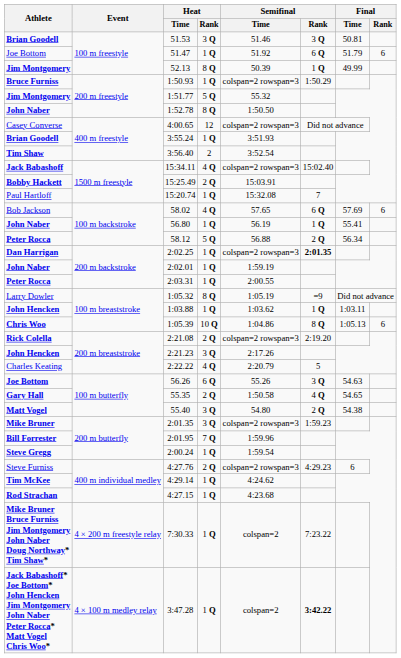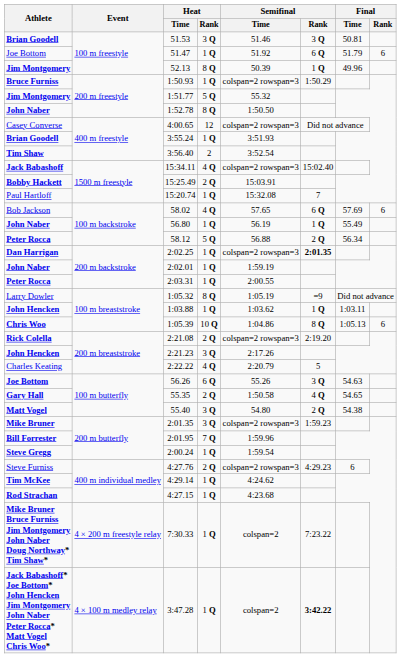 <table class=wikitable style=font-size:90%;text-align:center>
 <tr>
 <th rowspan=2>Athlete</th>
 <th rowspan=2>Event</th>
 <th colspan=2>Heat</th>
 <th colspan=2>Semifinal</th>
 <th colspan=2>Final</th>
 </tr>
 <tr style=font-size:95%>
 <th>Time</th>
 <th>Rank</th>
 <th>Time</th>
 <th>Rank</th>
 <th>Time</th>
 <th>Rank</th>
 </tr>
 <tr>
 <td align=left><strong><a href='#'>Brian Goodell</a></strong></td>
 <td rowspan=3 align=left><a href='#'>100 m freestyle</a></td>
 <td>51.53</td>
 <td>3 <strong>Q</strong></td>
 <td>51.46</td>
 <td>3 <strong>Q</strong></td>
 <td>50.81</td>
 <td></td>
 </tr>
 <tr>
 <td align=left><a href='#'>Joe Bottom</a></td>
 <td>51.47</td>
 <td>1 <strong>Q</strong></td>
 <td>51.92</td>
 <td>6 <strong>Q</strong></td>
 <td>51.79</td>
 <td>6</td>
 </tr>
 <tr>
 <td align=left><strong><a href='#'>Jim Montgomery</a></strong></td>
 <td>52.13</td>
 <td>8 <strong>Q</strong></td>
 <td>50.39 </td>
 <td>1 <strong>Q</strong></td>
-<td>49.99 </td>
+<td>49.96 </td>
 <td></td>
 </tr>
 <tr>
 <td align=left><strong><a href='#'>Bruce Furniss</a></strong></td>
 <td align=left rowspan=3><a href='#'>200 m freestyle</a></td>
 <td>1:50.93 </td>
 <td>1 <strong>Q</strong></td>
 <td>colspan=2 rowspan=3 </td>
 <td>1:50.29 </td>
 <td></td>
 </tr>
 <tr>
 <td align=left><strong><a href='#'>Jim Montgomery</a></strong></td>
 <td>1:51.77</td>
 <td>5 <strong>Q</strong></td>
 <td>55.32</td>
 <td></td>
 </tr>
 <tr>
 <td align=left><strong><a href='#'>John Naber</a></strong></td>
 <td>1:52.78</td>
 <td>8 <strong>Q</strong></td>
 <td>1:50.50</td>
 <td></td>
 </tr>
 <tr>
 <td align=left><a href='#'>Casey Converse</a></td>
 <td align=left rowspan=3><a href='#'>400 m freestyle</a></td>
 <td>4:00.65</td>
 <td>12</td>
 <td>colspan=2 rowspan=3 </td>
 <td colspan=2>Did not advance</td>
 </tr>
 <tr>
 <td align=left><strong><a href='#'>Brian Goodell</a></strong></td>
 <td>3:55.24 </td>
 <td>1 <strong>Q</strong></td>
 <td>3:51.93 </td>
 <td></td>
 </tr>
 <tr>
 <td align=left><strong><a href='#'>Tim Shaw</a></strong></td>
 <td>3:56.40 </td>
 <td>2</td>
 <td>3:52.54</td>
 <td></td>
 </tr>
 <tr>
 <td align=left><strong><a href='#'>Jack Babashoff</a></strong></td>
 <td align=left rowspan=3><a href='#'>1500 m freestyle</a></td>
 <td>15:34.11</td>
 <td>4 <strong>Q</strong></td>
 <td>colspan=2 rowspan=3 </td>
 <td>15:02.40 </td>
 <td></td>
 </tr>
 <tr>
 <td align=left><strong><a href='#'>Bobby Hackett</a></strong></td>
 <td>15:25.49</td>
 <td>2 <strong>Q</strong></td>
 <td>15:03.91</td>
 <td></td>
 </tr>
 <tr>
 <td align=left><a href='#'>Paul Hartloff</a></td>
 <td>15:20.74 </td>
 <td>1 <strong>Q</strong></td>
 <td>15:32.08</td>
 <td>7</td>
 </tr>
 <tr>
 <td align=left><a href='#'>Bob Jackson</a></td>
 <td align=left rowspan=3><a href='#'>100 m backstroke</a></td>
 <td>58.02</td>
 <td>4 <strong>Q</strong></td>
 <td>57.65</td>
 <td>6 <strong>Q</strong></td>
 <td>57.69</td>
 <td>6</td>
 </tr>
 <tr>
 <td align=left><strong><a href='#'>John Naber</a></strong></td>
 <td>56.80</td>
 <td>1 <strong>Q</strong></td>
 <td>56.19 </td>
 <td>1 <strong>Q</strong></td>
-<td>55.41 </td>
+<td>55.49 </td>
 <td></td>
 </tr>
 <tr>
 <td align=left><strong><a href='#'>Peter Rocca</a></strong></td>
 <td>58.12</td>
 <td>5 <strong>Q</strong></td>
 <td>56.88</td>
 <td>2 <strong>Q</strong></td>
 <td>56.34</td>
 <td></td>
 </tr>
 <tr>
 <td align=left><strong><a href='#'>Dan Harrigan</a></strong></td>
 <td align=left rowspan=3><a href='#'>200 m backstroke</a></td>
 <td>2:02.25 </td>
 <td>1 <strong>Q</strong></td>
 <td>colspan=2 rowspan=3 </td>
 <td><strong>2:01.35</strong></td>
 <td></td>
 </tr>
 <tr>
 <td align=left><strong><a href='#'>John Naber</a></strong></td>
 <td>2:02.01 </td>
 <td>1 <strong>Q</strong></td>
 <td>1:59.19 </td>
 <td></td>
 </tr>
 <tr>
 <td align=left><strong><a href='#'>Peter Rocca</a></strong></td>
 <td>2:03.31</td>
 <td>1 <strong>Q</strong></td>
 <td>2:00.55</td>
 <td></td>
 </tr>
 <tr>
 <td align=left><a href='#'>Larry Dowler</a></td>
 <td align=left rowspan=3><a href='#'>100 m breaststroke</a></td>
 <td>1:05.32</td>
 <td>8 <strong>Q</strong></td>
 <td>1:05.19</td>
 <td>=9</td>
 <td colspan=2>Did not advance</td>
 </tr>
 <tr>
 <td align=left><strong><a href='#'>John Hencken</a></strong></td>
 <td>1:03.88 </td>
 <td>1 <strong>Q</strong></td>
 <td>1:03.62 </td>
 <td>1 <strong>Q</strong></td>
 <td>1:03.11 </td>
 <td></td>
 </tr>
 <tr>
 <td align=left><strong><a href='#'>Chris Woo</a></strong></td>
 <td>1:05.39</td>
 <td>10 <strong>Q</strong></td>
 <td>1:04.86</td>
 <td>8 <strong>Q</strong></td>
 <td>1:05.13</td>
 <td>6</td>
 </tr>
 <tr>
 <td align=left><strong><a href='#'>Rick Colella</a></strong></td>
 <td align=left rowspan=3><a href='#'>200 m breaststroke</a></td>
 <td>2:21.08 </td>
 <td>2 <strong>Q</strong></td>
 <td>colspan=2 rowspan=3 </td>
 <td>2:19.20</td>
 <td></td>
 </tr>
 <tr>
 <td align=left><strong><a href='#'>John Hencken</a></strong></td>
 <td>2:21.23</td>
 <td>3 <strong>Q</strong></td>
 <td>2:17.26</td>
 <td></td>
 </tr>
 <tr>
 <td align=left><a href='#'>Charles Keating</a></td>
 <td>2:22.22</td>
 <td>4 <strong>Q</strong></td>
 <td>2:20.79</td>
 <td>5</td>
 </tr>
 <tr>
 <td align=left><strong><a href='#'>Joe Bottom</a></strong></td>
 <td align=left rowspan=3><a href='#'>100 m butterfly</a></td>
 <td>56.26</td>
 <td>6 <strong>Q</strong></td>
 <td>55.26</td>
 <td>3 <strong>Q</strong></td>
 <td>54.63</td>
 <td></td>
 </tr>
 <tr>
 <td align=left><strong><a href='#'>Gary Hall</a></strong></td>
 <td>55.35</td>
 <td>2 <strong>Q</strong></td>
 <td>1:50.58</td>
 <td>4 <strong>Q</strong></td>
 <td>54.65</td>
 <td></td>
 </tr>
 <tr>
 <td align=left><strong><a href='#'>Matt Vogel</a></strong></td>
 <td>55.40</td>
 <td>3 <strong>Q</strong></td>
 <td>54.80</td>
 <td>2 <strong>Q</strong></td>
 <td>54.38</td>
 <td></td>
 </tr>
 <tr>
 <td align=left><strong><a href='#'>Mike Bruner</a></strong></td>
 <td align=left rowspan=3><a href='#'>200 m butterfly</a></td>
 <td>2:01.35</td>
 <td>3 <strong>Q</strong></td>
 <td>colspan=2 rowspan=3 </td>
 <td>1:59.23 </td>
 <td></td>
 </tr>
 <tr>
 <td align=left><strong><a href='#'>Bill Forrester</a></strong></td>
 <td>2:01.95</td>
 <td>7 <strong>Q</strong></td>
 <td>1:59.96</td>
 <td></td>
 </tr>
 <tr>
 <td align=left><strong><a href='#'>Steve Gregg</a></strong></td>
 <td>2:00.24 </td>
 <td>1 <strong>Q</strong></td>
 <td>1:59.54</td>
 <td></td>
 </tr>
 <tr>
 <td align=left><a href='#'>Steve Furniss</a></td>
 <td align=left rowspan=3><a href='#'>400 m individual medley</a></td>
 <td>4:27.76 </td>
 <td>2 <strong>Q</strong></td>
 <td>colspan=2 rowspan=3 </td>
 <td>4:29.23</td>
 <td>6</td>
 </tr>
 <tr>
 <td align=left><strong><a href='#'>Tim McKee</a></strong></td>
 <td>4:29.14</td>
 <td>1 <strong>Q</strong></td>
 <td>4:24.62</td>
 <td></td>
 </tr>
 <tr>
 <td align=left><strong><a href='#'>Rod Strachan</a></strong></td>
 <td>4:27.15 </td>
 <td>1 <strong>Q</strong></td>
 <td>4:23.68 </td>
 <td></td>
 </tr>
 <tr>
 <td align=left><strong><a href='#'>Mike Bruner</a><br><a href='#'>Bruce Furniss</a><br><a href='#'>Jim Montgomery</a><br><a href='#'>John Naber</a><br><a href='#'>Doug Northway</a>*<br><a href='#'>Tim Shaw</a>*</strong></td>
 <td align=left><a href='#'>4 × 200 m freestyle relay</a></td>
 <td>7:30.33</td>
 <td>1 <strong>Q</strong></td>
 <td>colspan=2 </td>
 <td>7:23.22 </td>
 <td></td>
 </tr>
 <tr>
 <td align=left><strong><a href='#'>Jack Babashoff</a>*<br><a href='#'>Joe Bottom</a>*<br><a href='#'>John Hencken</a><br><a href='#'>Jim Montgomery</a><br><a href='#'>John Naber</a><br><a href='#'>Peter Rocca</a>*<br><a href='#'>Matt Vogel</a><br><a href='#'>Chris Woo</a>*</strong></td>
 <td align=left><a href='#'>4 × 100 m medley relay</a></td>
 <td>3:47.28</td>
 <td>1 <strong>Q</strong></td>
 <td>colspan=2 </td>
 <td><strong>3:42.22 </strong></td>
 <td></td>
 </tr>
 </table>
